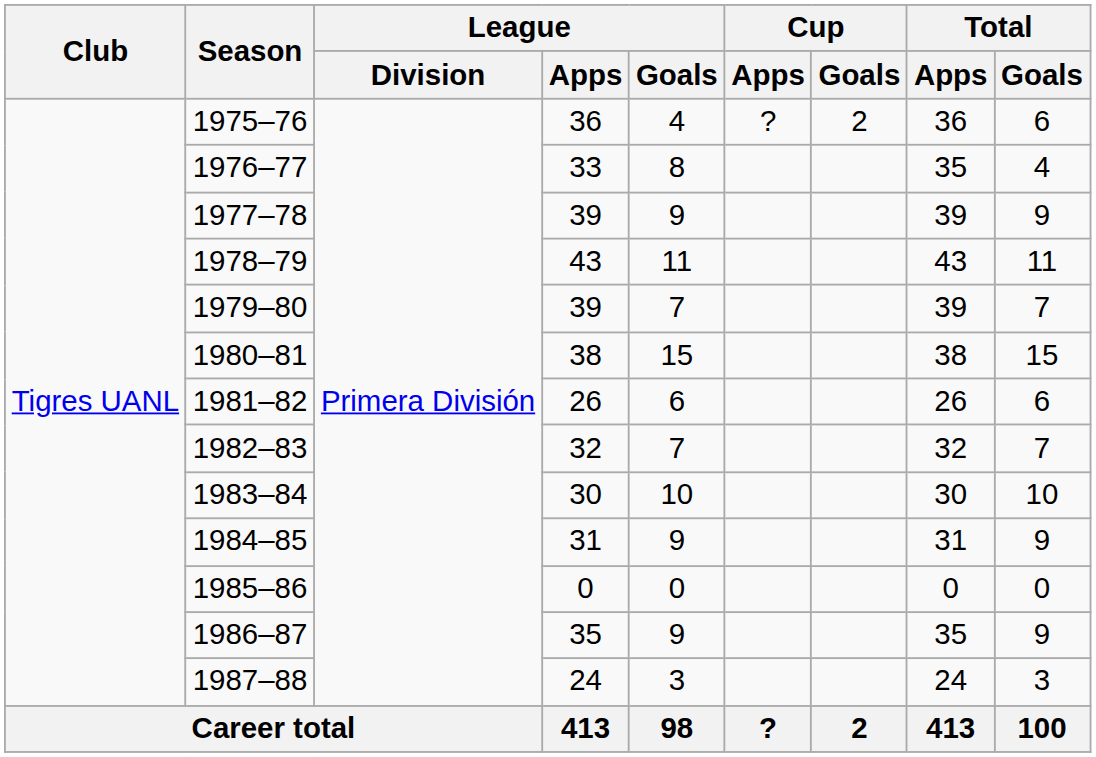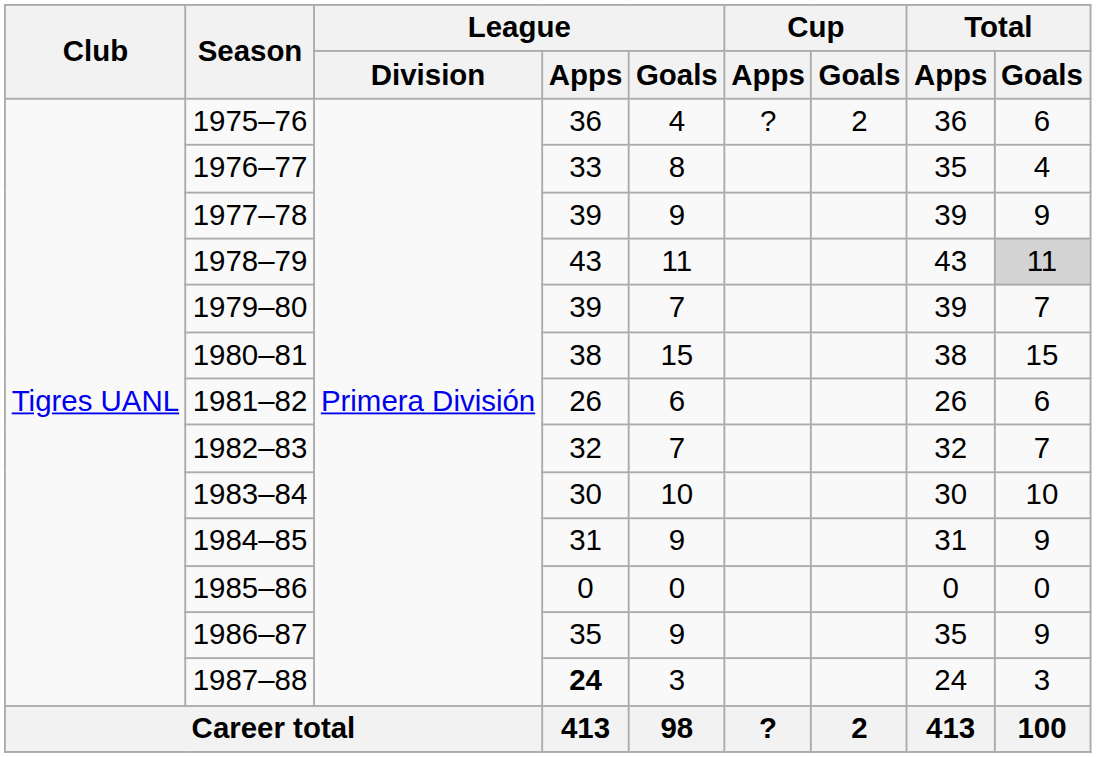 <table class="wikitable" style="text-align:center">
 <tr>
 <th rowspan="2">Club</th>
 <th rowspan="2">Season</th>
 <th colspan="3">League</th>
 <th colspan="2">Cup</th>
 <th colspan="2">Total</th>
 </tr>
 <tr>
 <th>Division</th>
 <th>Apps</th>
 <th>Goals</th>
 <th>Apps</th>
 <th>Goals</th>
 <th>Apps</th>
 <th>Goals</th>
 </tr>
 <tr>
 <td rowspan="13"><a href='#'>Tigres UANL</a></td>
 <td>1975–76</td>
 <td rowspan="13"><a href='#'>Primera División</a></td>
 <td>36</td>
 <td>4</td>
 <td>?</td>
 <td>2</td>
 <td>36</td>
 <td>6</td>
 </tr>
 <tr>
 <td>1976–77</td>
 <td>33</td>
 <td>8</td>
 <td></td>
 <td></td>
 <td>35</td>
 <td>4</td>
 </tr>
 <tr>
 <td>1977–78</td>
 <td>39</td>
 <td>9</td>
 <td></td>
 <td></td>
 <td>39</td>
 <td>9</td>
 </tr>
 <tr>
 <td>1978–79</td>
 <td>43</td>
 <td>11</td>
 <td></td>
 <td></td>
 <td>43</td>
-<td>11</td>
+<td style="background: lightgrey;">11</td>
 </tr>
 <tr>
 <td>1979–80</td>
 <td>39</td>
 <td>7</td>
 <td></td>
 <td></td>
 <td>39</td>
 <td>7</td>
 </tr>
 <tr>
 <td>1980–81</td>
 <td>38</td>
 <td>15</td>
 <td></td>
 <td></td>
 <td>38</td>
 <td>15</td>
 </tr>
 <tr>
 <td>1981–82</td>
 <td>26</td>
 <td>6</td>
 <td></td>
 <td></td>
 <td>26</td>
 <td>6</td>
 </tr>
 <tr>
 <td>1982–83</td>
 <td>32</td>
 <td>7</td>
 <td></td>
 <td></td>
 <td>32</td>
 <td>7</td>
 </tr>
 <tr>
 <td>1983–84</td>
 <td>30</td>
 <td>10</td>
 <td></td>
 <td></td>
 <td>30</td>
 <td>10</td>
 </tr>
 <tr>
 <td>1984–85</td>
 <td>31</td>
 <td>9</td>
 <td></td>
 <td></td>
 <td>31</td>
 <td>9</td>
 </tr>
 <tr>
 <td>1985–86</td>
 <td>0</td>
 <td>0</td>
 <td></td>
 <td></td>
 <td>0</td>
 <td>0</td>
 </tr>
 <tr>
 <td>1986–87</td>
 <td>35</td>
 <td>9</td>
 <td></td>
 <td></td>
 <td>35</td>
 <td>9</td>
 </tr>
 <tr>
 <td>1987–88</td>
-<td>24</td>
+<td><strong>24</strong></td>
 <td>3</td>
 <td></td>
 <td></td>
 <td>24</td>
 <td>3</td>
 </tr>
 <tr>
 <th colspan="3">Career total</th>
 <th>413</th>
 <th>98</th>
 <th>?</th>
 <th>2</th>
 <th>413</th>
 <th>100</th>
 </tr>
 </table>
